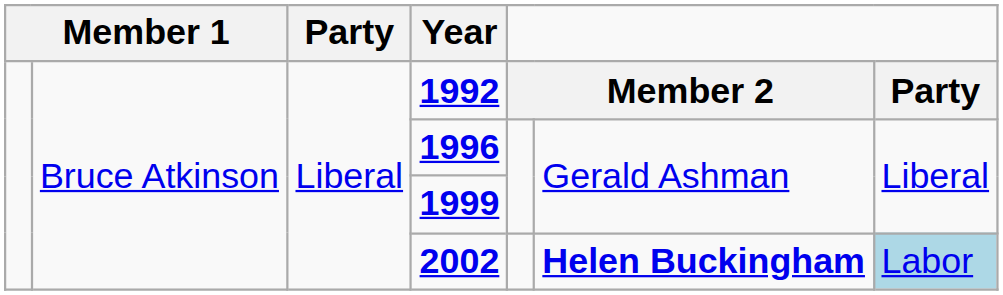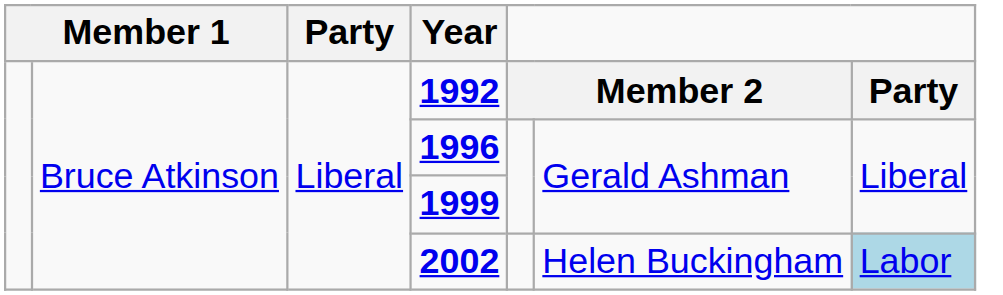 <table class="wikitable">
 <tr>
 <th colspan=2>Member 1</th>
 <th>Party</th>
 <th>Year</th>
 </tr>
 <tr>
 <td rowspan=4 > </td>
 <td rowspan=4><a href='#'>Bruce Atkinson</a></td>
 <td rowspan=4><a href='#'>Liberal</a></td>
 <td><strong><a href='#'>1992</a></strong></td>
 <th colspan=2>Member 2</th>
 <th>Party</th>
 </tr>
 <tr>
 <td><strong><a href='#'>1996</a></strong></td>
 <td rowspan=2 > </td>
 <td rowspan=2><a href='#'>Gerald Ashman</a></td>
 <td rowspan=2><a href='#'>Liberal</a></td>
 </tr>
 <tr>
 <td><strong><a href='#'>1999</a></strong></td>
 </tr>
 <tr>
 <td><strong><a href='#'>2002</a></strong></td>
 <td> </td>
-<td><strong><a href='#'>Helen Buckingham</a></strong></td>
+<td><a href='#'>Helen Buckingham</a></td>
 <td style="background: lightblue;"><a href='#'>Labor</a></td>
 </tr>
 </table>
